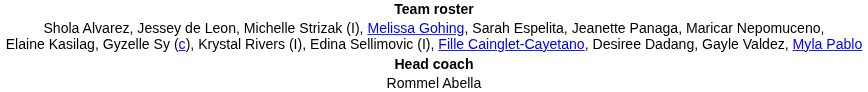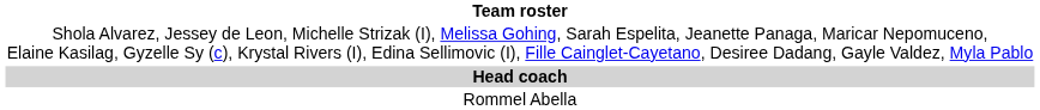 <table style="text-align: center; margin-top: 2em; margin-left: auto; margin-right: auto">
 <tr>
 <td><strong>Team roster</strong></td>
 </tr>
 <tr>
 <td>Shola Alvarez, Jessey de Leon, Michelle Strizak (I), <a href='#'>Melissa Gohing</a>, Sarah Espelita, Jeanette Panaga, Maricar Nepomuceno, <br>Elaine Kasilag, Gyzelle Sy (<a href='#'>c</a>), Krystal Rivers (I), Edina Sellimovic (I), <a href='#'>Fille Cainglet-Cayetano</a>, Desiree Dadang, Gayle Valdez, <a href='#'>Myla Pablo</a></td>
 </tr>
 <tr>
-<td><strong>Head coach</strong></td>
+<td style="background: lightgrey;"><strong>Head coach</strong></td>
 </tr>
 <tr>
 <td> Rommel Abella</td>
 </tr>
 </table>
